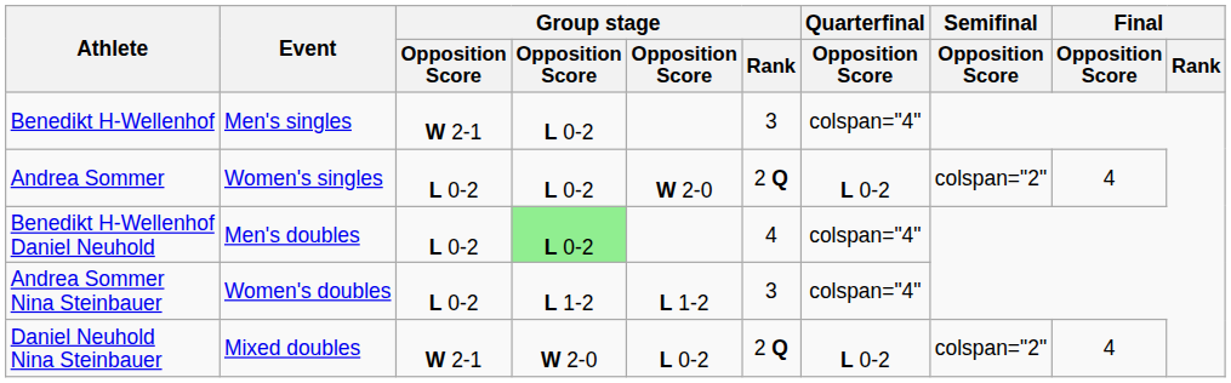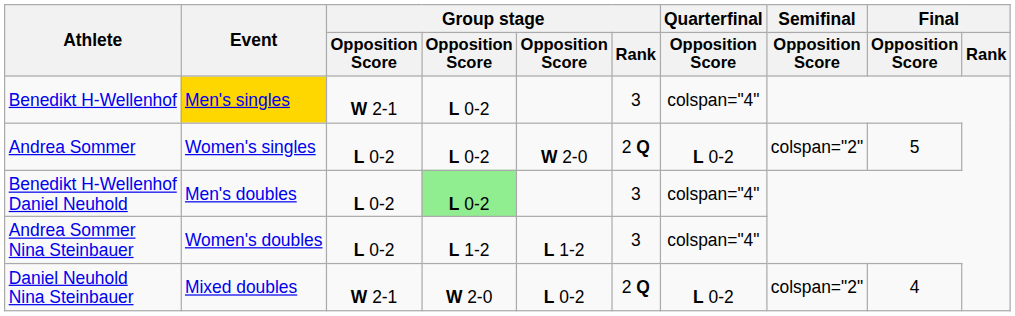 <table class="wikitable" style="font-size:90%; text-align:center">
 <tr>
 <th rowspan="2">Athlete</th>
 <th rowspan="2">Event</th>
 <th colspan="4">Group stage</th>
 <th>Quarterfinal</th>
 <th>Semifinal</th>
 <th colspan="2">Final</th>
 </tr>
 <tr style="font-size:95%">
 <th>Opposition<br>Score</th>
 <th>Opposition<br>Score</th>
 <th>Opposition<br>Score</th>
 <th>Rank</th>
 <th>Opposition<br>Score</th>
 <th>Opposition<br>Score</th>
 <th>Opposition<br>Score</th>
 <th>Rank</th>
 </tr>
 <tr>
 <td align="left"><a href='#'>Benedikt H-Wellenhof</a></td>
-<td align="left"><a href='#'>Men's singles</a></td>
+<td align="left" style="background: gold;"><a href='#'>Men's singles</a></td>
 <td><br><strong>W</strong> 2-1</td>
 <td><br><strong>L</strong> 0-2</td>
 <td></td>
 <td>3</td>
 <td>colspan="4" </td>
 </tr>
 <tr>
 <td align="left"><a href='#'>Andrea Sommer</a></td>
 <td align="left"><a href='#'>Women's singles</a></td>
 <td><br><strong>L</strong> 0-2</td>
 <td><br><strong>L</strong> 0-2</td>
 <td><br><strong>W</strong> 2-0</td>
 <td>2 <strong>Q</strong></td>
 <td><br><strong>L</strong> 0-2</td>
 <td>colspan="2" </td>
-<td>4</td>
+<td>5</td>
 </tr>
 <tr>
 <td align="left"><a href='#'>Benedikt H-Wellenhof</a><br><a href='#'>Daniel Neuhold</a></td>
 <td align="left"><a href='#'>Men's doubles</a></td>
 <td><br><strong>L</strong> 0-2</td>
 <td style="background: lightgreen;"><br><strong>L</strong> 0-2</td>
 <td></td>
-<td>4</td>
+<td>3</td>
 <td>colspan="4" </td>
 </tr>
 <tr>
 <td align="left"><a href='#'>Andrea Sommer</a><br><a href='#'>Nina Steinbauer</a></td>
 <td align="left"><a href='#'>Women's doubles</a></td>
 <td><br><strong>L</strong> 0-2</td>
 <td><br><strong>L</strong> 1-2</td>
 <td><br><strong>L</strong> 1-2</td>
 <td>3</td>
 <td>colspan="4" </td>
 </tr>
 <tr>
 <td align="left"><a href='#'>Daniel Neuhold</a><br><a href='#'>Nina Steinbauer</a></td>
 <td align="left"><a href='#'>Mixed doubles</a></td>
 <td><br><strong>W</strong> 2-1</td>
 <td><br><strong>W</strong> 2-0</td>
 <td><br><strong>L</strong> 0-2</td>
 <td>2 <strong>Q</strong></td>
 <td><br><strong>L</strong> 0-2</td>
 <td>colspan="2" </td>
 <td>4</td>
 </tr>
 </table>
